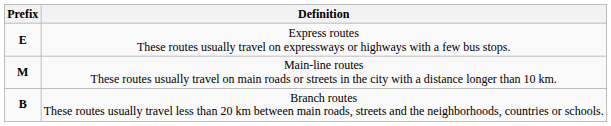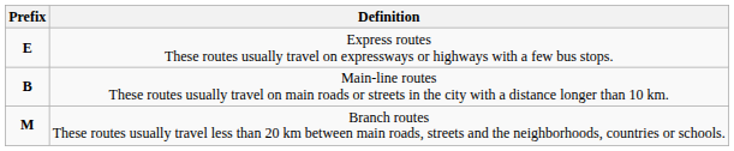 <table class="wikitable" style="text-align: center;">
 <tr>
 <th>Prefix</th>
 <th>Definition</th>
 </tr>
 <tr>
 <td><span><strong>E</strong></span></td>
 <td>Express routes<br>These routes usually travel on expressways or highways with a few bus stops.</td>
 </tr>
 <tr>
-<td><span><strong>M</strong></span></td>
+<td><span><strong>B</strong></span></td>
 <td>Main-line routes<br>These routes usually travel on main roads or streets in the city with a distance longer than 10 km.</td>
 </tr>
 <tr>
-<td><span><strong>B</strong></span></td>
+<td><span><strong>M</strong></span></td>
 <td>Branch routes<br>These routes usually travel less than 20 km between main roads, streets and the neighborhoods, countries or schools.</td>
 </tr>
 </table>
